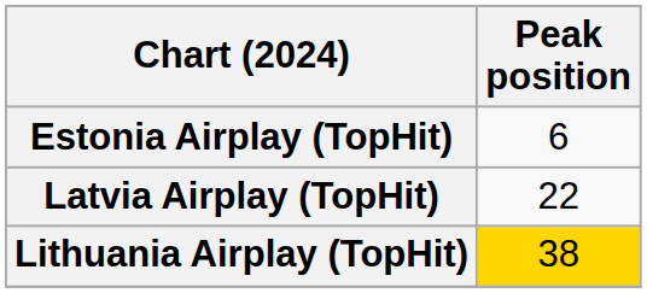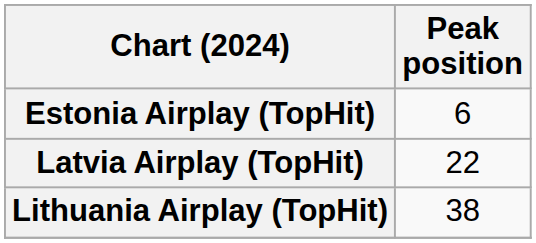 <table class="wikitable plainrowheaders sortable" style="text-align:center">
 <tr>
 <th scope="col">Chart (2024)</th>
 <th scope="col">Peak<br>position</th>
 </tr>
 <tr>
 <th scope="row">Estonia Airplay (TopHit)</th>
 <td>6</td>
 </tr>
 <tr>
 <th scope="row">Latvia Airplay (TopHit)</th>
 <td>22</td>
 </tr>
 <tr>
 <th scope="row">Lithuania Airplay (TopHit)</th>
-<td style="background: gold;">38</td>
+<td>38</td>
 </tr>
 <tr>
 </tr>
 </table>
